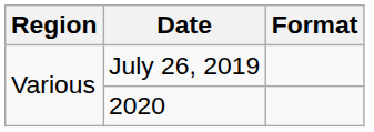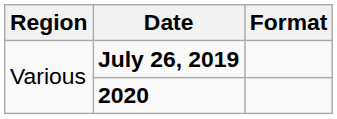 <table class="wikitable plainrowheaders">
 <tr>
 <th scope="col">Region</th>
 <th scope="col">Date</th>
 <th scope="col">Format</th>
 </tr>
 <tr>
 <td rowspan="2">Various</td>
-<td>July 26, 2019</td>
+<td><strong>July 26, 2019</strong></td>
 <td></td>
 </tr>
 <tr>
-<td>2020</td>
+<td><strong>2020</strong></td>
 <td></td>
 </tr>
 </table>
